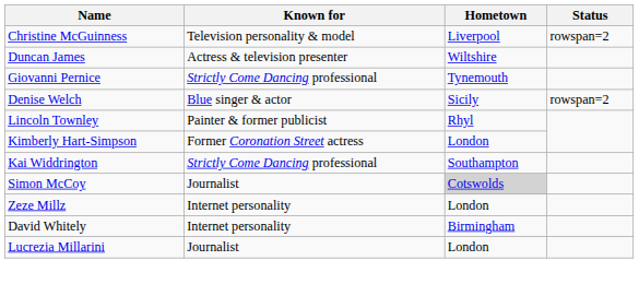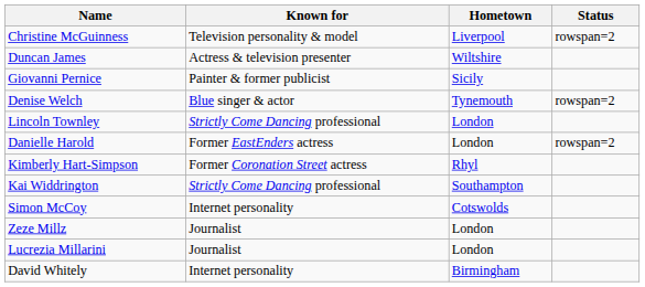 <table class="wikitable sortable" width=60%>
 <tr>
 <th>Name</th>
 <th>Known for</th>
 <th>Hometown</th>
 <th>Status</th>
 </tr>
 <tr>
 <td><a href='#'>Christine McGuinness</a></td>
 <td>Television personality & model</td>
 <td><a href='#'>Liverpool</a></td>
 <td>rowspan=2 </td>
 </tr>
 <tr>
 <td><a href='#'>Duncan James</a></td>
 <td>Actress & television presenter</td>
 <td><a href='#'>Wiltshire</a></td>
 </tr>
 <tr>
 <td><a href='#'>Giovanni Pernice</a></td>
-<td><em><a href='#'>Strictly Come Dancing</a></em> professional</td>
-<td><a href='#'>Tynemouth</a></td>
+<td>Painter & former publicist</td>
+<td><a href='#'>Sicily</a></td>
 <td></td>
 </tr>
 <tr>
 <td><a href='#'>Denise Welch</a></td>
 <td><a href='#'>Blue</a> singer & actor</td>
-<td><a href='#'>Sicily</a></td>
+<td><a href='#'>Tynemouth</a></td>
 <td>rowspan=2 </td>
 </tr>
 <tr>
 <td><a href='#'>Lincoln Townley</a></td>
-<td>Painter & former publicist</td>
-<td><a href='#'>Rhyl</a></td>
+<td><em><a href='#'>Strictly Come Dancing</a></em> professional</td>
+<td><a href='#'>London</a></td>
+</tr>
+<tr>
+<td><a href='#'>Danielle Harold</a></td>
+<td>Former <em><a href='#'>EastEnders</a></em> actress</td>
+<td>London</td>
+<td>rowspan=2 </td>
 </tr>
 <tr>
 <td><a href='#'>Kimberly Hart-Simpson</a></td>
 <td>Former <em><a href='#'>Coronation Street</a></em> actress</td>
-<td><a href='#'>London</a></td>
+<td><a href='#'>Rhyl</a></td>
 </tr>
 <tr>
 <td><a href='#'>Kai Widdrington</a></td>
 <td><em><a href='#'>Strictly Come Dancing</a></em> professional</td>
 <td><a href='#'>Southampton</a></td>
 <td></td>
 </tr>
 <tr>
 <td><a href='#'>Simon McCoy</a></td>
-<td>Journalist</td>
-<td style="background: lightgrey;"><a href='#'>Cotswolds</a></td>
+<td>Internet personality</td>
+<td><a href='#'>Cotswolds</a></td>
 <td></td>
 </tr>
 <tr>
 <td><a href='#'>Zeze Millz</a></td>
-<td>Internet personality</td>
+<td>Journalist</td>
+<td>London</td>
+<td></td>
+</tr>
+<tr>
+<td><a href='#'>Lucrezia Millarini</a></td>
+<td>Journalist</td>
 <td>London</td>
 <td></td>
 </tr>
 <tr>
 <td>David Whitely</td>
 <td>Internet personality</td>
 <td><a href='#'>Birmingham</a></td>
 <td></td>
 </tr>
-<tr>
-<td><a href='#'>Lucrezia Millarini</a></td>
-<td>Journalist</td>
-<td>London</td>
-<td></td>
-</tr>
 </table>
